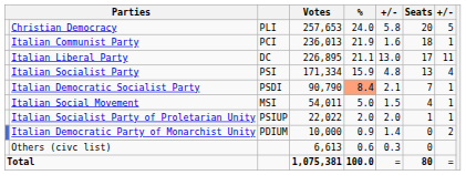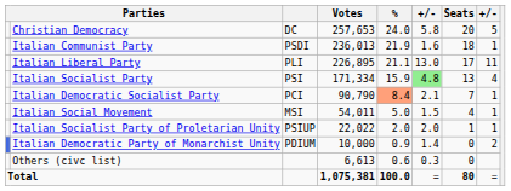 <table class="wikitable">
 <tr>
 <th colspan="2">Parties</th>
 <th></th>
 <th>Votes</th>
 <th>%</th>
 <th>+/-</th>
 <th>Seats</th>
 <th>+/-</th>
 <th rowspan="12"></th>
 </tr>
 <tr>
 <td style="background-color:"></td>
 <td><a href='#'>Christian Democracy</a></td>
-<td>PLI</td>
+<td>DC</td>
 <td align=right>257,653</td>
 <td align=right>24.0</td>
 <td align=right> 5.8</td>
 <td align=right>20</td>
 <td align=right> 5</td>
 </tr>
 <tr>
 <td style="background-color:"></td>
 <td><a href='#'>Italian Communist Party</a></td>
-<td>PCI</td>
+<td>PSDI</td>
 <td align=right>236,013</td>
 <td align=right>21.9</td>
 <td align=right> 1.6</td>
 <td align=right>18</td>
 <td align=right> 1</td>
 </tr>
 <tr>
 <td style="background-color:"></td>
 <td><a href='#'>Italian Liberal Party</a></td>
-<td>DC</td>
+<td>PLI</td>
 <td align=right>226,895</td>
 <td align=right>21.1</td>
 <td align=right> 13.0</td>
 <td align=right>17</td>
 <td align=right> 11</td>
 </tr>
 <tr>
 <td style="background-color:"></td>
 <td><a href='#'>Italian Socialist Party</a></td>
 <td>PSI</td>
 <td align=right>171,334</td>
 <td align=right>15.9</td>
-<td align=right> 4.8</td>
+<td align=right style="background: lightgreen;"> 4.8</td>
 <td align=right>13</td>
 <td align=right> 4</td>
 </tr>
 <tr>
 <td style="background-color:"></td>
 <td><a href='#'>Italian Democratic Socialist Party</a></td>
-<td>PSDI</td>
+<td>PCI</td>
 <td align=right>90,790</td>
 <td align=right style="background: lightsalmon;">8.4</td>
 <td align=right> 2.1</td>
 <td align=right>7</td>
 <td align=right> 1</td>
 </tr>
 <tr>
 <td style="background-color:"></td>
 <td><a href='#'>Italian Social Movement</a></td>
 <td>MSI</td>
 <td align=right>54,011</td>
 <td align=right>5.0</td>
 <td align=right> 1.5</td>
 <td align=right>4</td>
 <td align=right> 1</td>
 </tr>
 <tr>
 <td style="background-color:"></td>
 <td><a href='#'>Italian Socialist Party of Proletarian Unity</a></td>
 <td>PSIUP</td>
 <td align=right>22,022</td>
 <td align=right>2.0</td>
 <td align=right> 2.0</td>
 <td align=right>1</td>
 <td align=right> 1</td>
 </tr>
 <tr>
 <td style="background-color:royalblue"></td>
 <td><a href='#'>Italian Democratic Party of Monarchist Unity</a></td>
 <td>PDIUM</td>
 <td align=right>10,000</td>
 <td align=right>0.9</td>
 <td align=right> 1.4</td>
 <td align=right>0</td>
 <td align=right> 2</td>
 </tr>
 <tr>
 <td style="background-color:"></td>
 <td>Others (civc list)</td>
 <td></td>
 <td align=right>6,613</td>
 <td align=right>0.6</td>
 <td align=right> 0.3</td>
 <td align=right>0</td>
 <td align=right></td>
 </tr>
 <tr>
 <td colspan="2"><strong>Total</strong></td>
 <td></td>
 <td align=right><strong>1,075,381</strong></td>
 <td align=right><strong>100.0</strong></td>
 <td align=right>=</td>
 <td align=right><strong>80</strong></td>
 <td align=right>=</td>
 </tr>
 </table>
